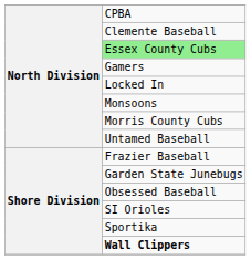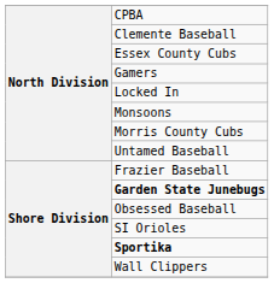 <table class="wikitable">
 <tr style="background: #F2F2F2;">
 </tr>
 <tr>
 <th rowspan=8>North Division</th>
 <td>CPBA</td>
 </tr>
 <tr>
 <td>Clemente Baseball</td>
 </tr>
 <tr>
-<td style="background: lightgreen;">Essex County Cubs</td>
+<td>Essex County Cubs</td>
 </tr>
 <tr>
 <td>Gamers</td>
 </tr>
 <tr>
 <td>Locked In</td>
 </tr>
 <tr>
 <td>Monsoons</td>
 </tr>
 <tr>
 <td>Morris County Cubs</td>
 </tr>
 <tr>
 <td>Untamed Baseball</td>
 </tr>
 <tr>
 <th rowspan=6>Shore Division</th>
 <td>Frazier Baseball</td>
 </tr>
 <tr>
-<td>Garden State Junebugs</td>
+<td><strong>Garden State Junebugs</strong></td>
 </tr>
 <tr>
 <td>Obsessed Baseball</td>
 </tr>
 <tr>
 <td>SI Orioles</td>
 </tr>
 <tr>
-<td>Sportika</td>
+<td><strong>Sportika</strong></td>
 </tr>
 <tr>
-<td><strong>Wall Clippers</strong></td>
+<td>Wall Clippers</td>
 </tr>
 <tr>
 </tr>
 </table>
